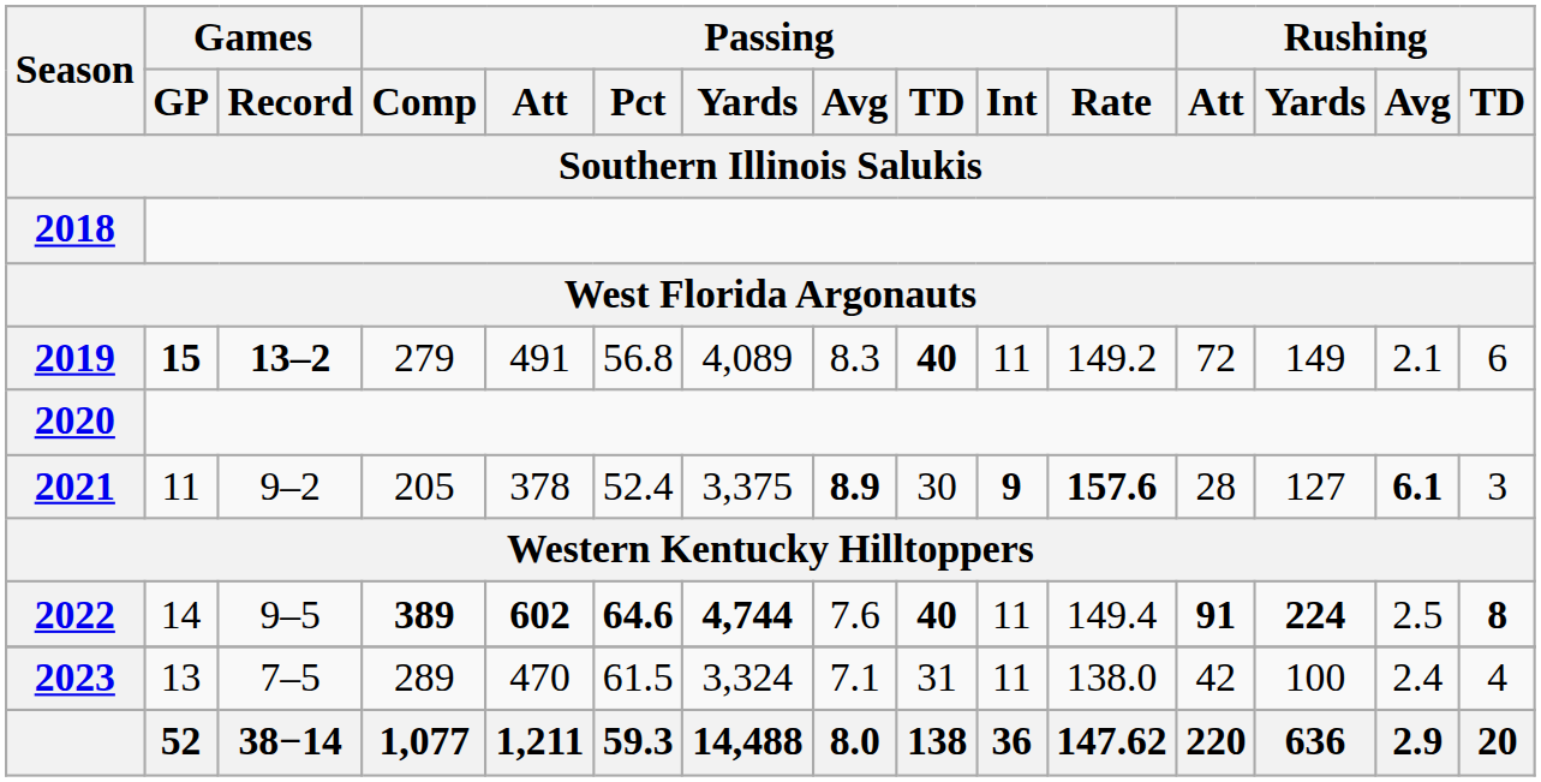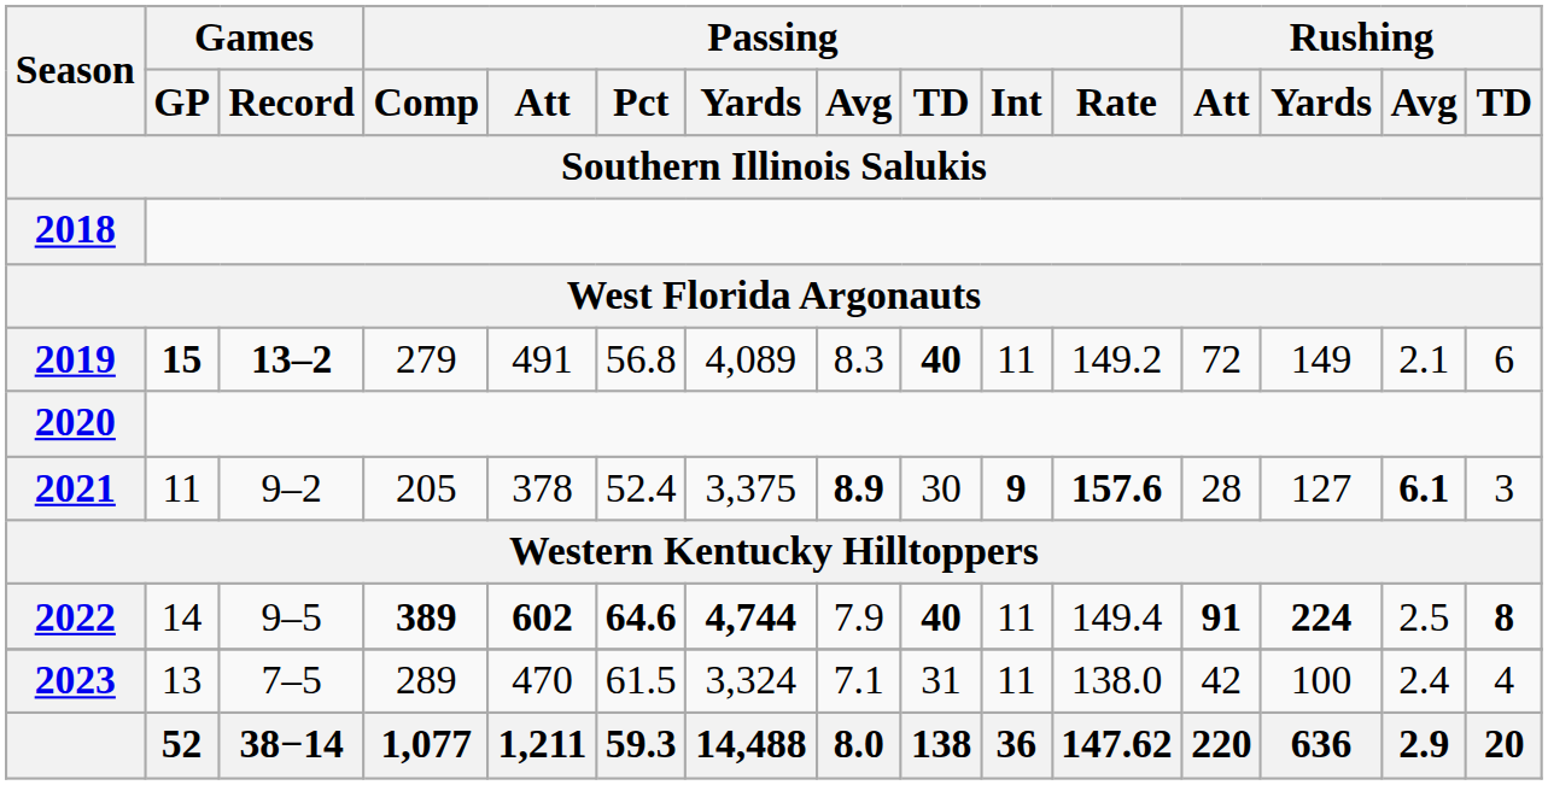 <table class="wikitable" style="text-align:center;">
 <tr>
 <th rowspan="2">Season</th>
 <th colspan="2">Games</th>
 <th colspan="8">Passing</th>
 <th colspan="4">Rushing</th>
 </tr>
 <tr>
 <th>GP</th>
 <th>Record</th>
 <th>Comp</th>
 <th>Att</th>
 <th>Pct</th>
 <th>Yards</th>
 <th>Avg</th>
 <th>TD</th>
 <th>Int</th>
 <th>Rate</th>
 <th>Att</th>
 <th>Yards</th>
 <th>Avg</th>
 <th>TD</th>
 </tr>
 <tr>
 <th colspan="16">Southern Illinois Salukis</th>
 </tr>
 <tr>
 <th><a href='#'>2018</a></th>
 <td colspan="15"></td>
 </tr>
 <tr>
 <th colspan="16">West Florida Argonauts</th>
 </tr>
 <tr>
 <th><a href='#'>2019</a></th>
 <td><strong>15</strong></td>
 <td><strong>13–2</strong></td>
 <td>279</td>
 <td>491</td>
 <td>56.8</td>
 <td>4,089</td>
 <td>8.3</td>
 <td><strong>40</strong></td>
 <td>11</td>
 <td>149.2</td>
 <td>72</td>
 <td>149</td>
 <td>2.1</td>
 <td>6</td>
 </tr>
 <tr>
 <th><a href='#'>2020</a></th>
 <td colspan="15"></td>
 </tr>
 <tr>
 <th><a href='#'>2021</a></th>
 <td>11</td>
 <td>9–2</td>
 <td>205</td>
 <td>378</td>
 <td>52.4</td>
 <td>3,375</td>
 <td><strong>8.9</strong></td>
 <td>30</td>
 <td><strong>9</strong></td>
 <td><strong>157.6</strong></td>
 <td>28</td>
 <td>127</td>
 <td><strong>6.1</strong></td>
 <td>3</td>
 </tr>
 <tr>
 <th colspan="16">Western Kentucky Hilltoppers</th>
 </tr>
 <tr>
 <th><a href='#'>2022</a></th>
 <td>14</td>
 <td>9–5</td>
 <td><strong>389</strong></td>
 <td><strong>602</strong></td>
 <td><strong>64.6</strong></td>
 <td><strong>4,744</strong></td>
-<td>7.6</td>
+<td>7.9</td>
 <td><strong>40</strong></td>
 <td>11</td>
 <td>149.4</td>
 <td><strong>91</strong></td>
 <td><strong>224</strong></td>
 <td>2.5</td>
 <td><strong>8</strong></td>
 </tr>
 <tr>
 </tr>
 <tr>
 <th><a href='#'>2023</a></th>
 <td>13</td>
 <td>7–5</td>
 <td>289</td>
 <td>470</td>
 <td>61.5</td>
 <td>3,324</td>
 <td>7.1</td>
 <td>31</td>
 <td>11</td>
 <td>138.0</td>
 <td>42</td>
 <td>100</td>
 <td>2.4</td>
 <td>4</td>
 </tr>
 <tr>
 <th></th>
 <th>52</th>
 <th>38−14</th>
 <th>1,077</th>
 <th>1,211</th>
 <th>59.3</th>
 <th>14,488</th>
 <th>8.0</th>
 <th>138</th>
 <th>36</th>
 <th>147.62</th>
 <th>220</th>
 <th>636</th>
 <th>2.9</th>
 <th>20</th>
 </tr>
 </table>
